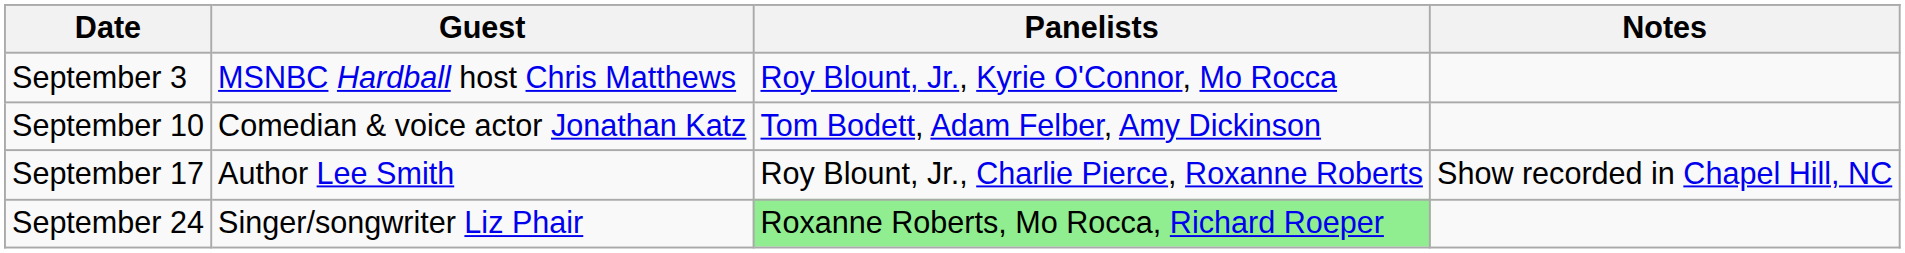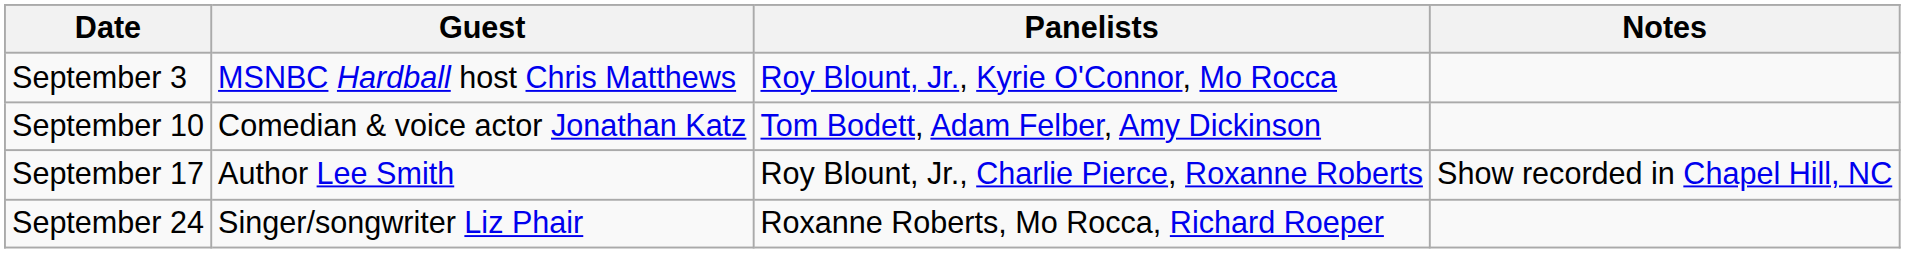 <table class="wikitable">
 <tr>
 <th>Date</th>
 <th>Guest</th>
 <th>Panelists</th>
 <th>Notes</th>
 </tr>
 <tr>
 <td>September 3</td>
 <td><a href='#'>MSNBC</a> <em><a href='#'>Hardball</a></em> host <a href='#'>Chris Matthews</a></td>
 <td><a href='#'>Roy Blount, Jr.</a>, <a href='#'>Kyrie O'Connor</a>, <a href='#'>Mo Rocca</a></td>
 <td></td>
 </tr>
 <tr>
 <td>September 10</td>
 <td>Comedian & voice actor <a href='#'>Jonathan Katz</a></td>
 <td><a href='#'>Tom Bodett</a>, <a href='#'>Adam Felber</a>, <a href='#'>Amy Dickinson</a></td>
 <td></td>
 </tr>
 <tr>
 <td>September 17</td>
 <td>Author <a href='#'>Lee Smith</a></td>
 <td>Roy Blount, Jr., <a href='#'>Charlie Pierce</a>, <a href='#'>Roxanne Roberts</a></td>
 <td>Show recorded in <a href='#'>Chapel Hill, NC</a> </td>
 </tr>
 <tr>
 <td>September 24</td>
 <td>Singer/songwriter <a href='#'>Liz Phair</a></td>
-<td style="background: lightgreen;">Roxanne Roberts, Mo Rocca, <a href='#'>Richard Roeper</a></td>
+<td>Roxanne Roberts, Mo Rocca, <a href='#'>Richard Roeper</a></td>
 </tr>
 </table>
